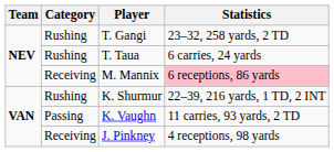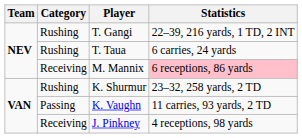 <table class="wikitable" style="float: right;">
 <tr>
 <th>Team</th>
 <th>Category</th>
 <th>Player</th>
 <th>Statistics</th>
 </tr>
 <tr>
 <td rowspan=3><strong>NEV</strong></td>
 <td>Rushing</td>
 <td>T. Gangi</td>
-<td>23–32, 258 yards, 2 TD</td>
+<td>22–39, 216 yards, 1 TD, 2 INT</td>
 </tr>
 <tr>
 <td>Rushing</td>
 <td>T. Taua</td>
 <td>6 carries, 24 yards</td>
 </tr>
 <tr>
 <td>Receiving</td>
 <td>M. Mannix</td>
 <td style="background: pink;">6 receptions, 86 yards</td>
 </tr>
 <tr>
 <td rowspan=3><strong>VAN</strong></td>
 <td>Rushing</td>
 <td>K. Shurmur</td>
-<td>22–39, 216 yards, 1 TD, 2 INT</td>
+<td>23–32, 258 yards, 2 TD</td>
 </tr>
 <tr>
 <td>Passing</td>
 <td><a href='#'>K. Vaughn</a></td>
 <td>11 carries, 93 yards, 2 TD</td>
 </tr>
 <tr>
 <td>Receiving</td>
 <td><a href='#'>J. Pinkney</a></td>
 <td>4 receptions, 98 yards</td>
 </tr>
 </table>
